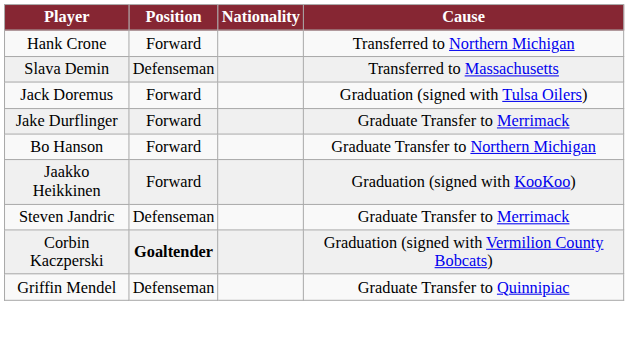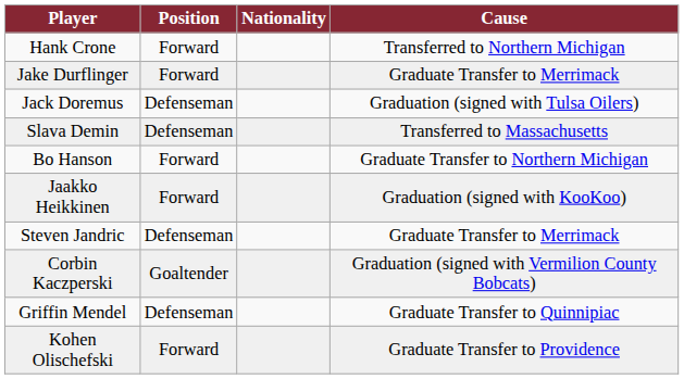 <table class="wikitable">
 <tr>
 <th style="color:white; background:#862633; ">Player</th>
 <th style="color:white; background:#862633; ">Position</th>
 <th style="color:white; background:#862633; ">Nationality</th>
 <th style="color:white; background:#862633; ">Cause</th>
 </tr>
 <tr align="center" bgcolor="">
 <td>Hank Crone</td>
 <td>Forward</td>
 <td></td>
 <td>Transferred to <a href='#'>Northern Michigan</a></td>
 </tr>
 <tr align="center" bgcolor="f0f0f0">
+<td>Jake Durflinger</td>
+<td>Forward</td>
+<td></td>
+<td>Graduate Transfer to <a href='#'>Merrimack</a></td>
+</tr>
+<tr align="center" bgcolor="">
+<td>Jack Doremus</td>
+<td>Defenseman</td>
+<td></td>
+<td>Graduation (signed with <a href='#'>Tulsa Oilers</a>)</td>
+</tr>
+<tr align="center" bgcolor="f0f0f0">
 <td>Slava Demin</td>
 <td>Defenseman</td>
 <td></td>
 <td>Transferred to <a href='#'>Massachusetts</a></td>
-</tr>
-<tr align="center" bgcolor="">
-<td>Jack Doremus</td>
-<td>Forward</td>
-<td></td>
-<td>Graduation (signed with <a href='#'>Tulsa Oilers</a>)</td>
-</tr>
-<tr align="center" bgcolor="f0f0f0">
-<td>Jake Durflinger</td>
-<td>Forward</td>
-<td></td>
-<td>Graduate Transfer to <a href='#'>Merrimack</a></td>
 </tr>
 <tr align="center" bgcolor="">
 <td>Bo Hanson</td>
 <td>Forward</td>
 <td></td>
 <td>Graduate Transfer to <a href='#'>Northern Michigan</a></td>
 </tr>
 <tr align="center" bgcolor="f0f0f0">
 <td>Jaakko Heikkinen</td>
 <td>Forward</td>
 <td></td>
 <td>Graduation (signed with <a href='#'>KooKoo</a>)</td>
 </tr>
 <tr align="center" bgcolor="">
 <td>Steven Jandric</td>
 <td>Defenseman</td>
 <td></td>
 <td>Graduate Transfer to <a href='#'>Merrimack</a></td>
 </tr>
 <tr align="center" bgcolor="f0f0f0">
 <td>Corbin Kaczperski</td>
-<td><strong>Goaltender</strong></td>
+<td>Goaltender</td>
 <td></td>
 <td>Graduation (signed with <a href='#'>Vermilion County Bobcats</a>)</td>
 </tr>
 <tr align="center" bgcolor="">
 <td>Griffin Mendel</td>
 <td>Defenseman</td>
 <td></td>
 <td>Graduate Transfer to <a href='#'>Quinnipiac</a></td>
 </tr>
+<tr align="center" bgcolor="f0f0f0">
+<td>Kohen Olischefski</td>
+<td>Forward</td>
+<td></td>
+<td>Graduate Transfer to <a href='#'>Providence</a></td>
+</tr>
 </table>
